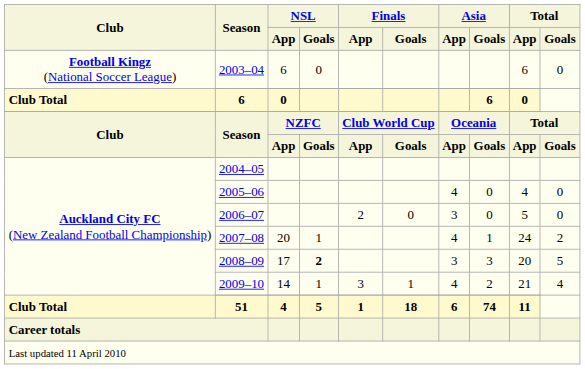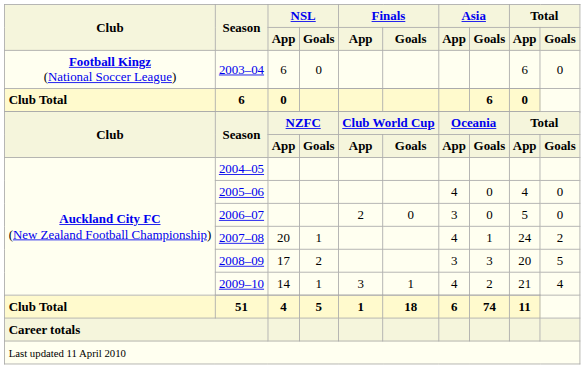 <table border=1 align=center cellpadding=4 cellspacing=2 style="background: ivory; font-size: 95%; border: 1px #aaaaaa solid; border-collapse: collapse; clear:center">
 <tr style="background:beige">
 <th rowspan="2">Club</th>
 <th rowspan="2">Season</th>
 <th colspan="2"><a href='#'>NSL</a></th>
 <th colspan="2"><a href='#'>Finals</a></th>
 <th colspan="2"><a href='#'>Asia</a></th>
 <th colspan="2">Total</th>
 </tr>
 <tr style="background:beige">
 <th>App</th>
 <th>Goals</th>
 <th>App</th>
 <th>Goals</th>
 <th>App</th>
 <th>Goals</th>
 <th>App</th>
 <th>Goals</th>
 </tr>
 <tr>
 <td rowspan="2" align=center valign=center><strong><a href='#'>Football Kingz</a></strong><br>(<a href='#'>National Soccer League</a>)</td>
 <td align="center"><a href='#'>2003–04</a></td>
 <td align="center">6</td>
 <td align="center">0</td>
 <td align="center"></td>
 <td align="center"></td>
 <td align="center"></td>
 <td align="center"></td>
 <td align="center">6</td>
 <td align="center">0</td>
 </tr>
 <tr>
 </tr>
 <tr style="background:lemonchiffon">
 <th colspan="1" align="left">Club Total</th>
 <th>6</th>
 <th>0</th>
 <th></th>
 <th></th>
 <th></th>
 <th></th>
 <th>6</th>
 <th>0</th>
 </tr>
 <tr>
 </tr>
 <tr style="background:beige">
 <th rowspan="2">Club</th>
 <th rowspan="2">Season</th>
 <th colspan="2"><a href='#'>NZFC</a></th>
 <th colspan="2"><a href='#'>Club World Cup</a></th>
 <th colspan="2"><a href='#'>Oceania</a></th>
 <th colspan="2">Total</th>
 </tr>
 <tr style="background:beige">
 <th>App</th>
 <th>Goals</th>
 <th>App</th>
 <th>Goals</th>
 <th>App</th>
 <th>Goals</th>
 <th>App</th>
 <th>Goals</th>
 </tr>
 <tr>
 <td rowspan="7" align=center valign=center><strong><a href='#'>Auckland City FC</a></strong><br>(<a href='#'>New Zealand Football Championship</a>)</td>
 <td align="center"><a href='#'>2004–05</a></td>
 <td align="center"></td>
 <td align="center"></td>
 <td align="center"></td>
 <td align="center"></td>
 <td align="center"></td>
 <td align="center"></td>
 <td align="center"></td>
 <td align="center"></td>
 </tr>
 <tr>
 <td align="center"><a href='#'>2005–06</a></td>
 <td align="center"></td>
 <td align="center"></td>
 <td align="center"></td>
 <td align="center"></td>
 <td align="center">4</td>
 <td align="center">0</td>
 <td align="center">4</td>
 <td align="center">0</td>
 </tr>
 <tr>
 <td align="center"><a href='#'>2006–07</a></td>
 <td align="center"></td>
 <td align="center"></td>
 <td align="center">2</td>
 <td align="center">0</td>
 <td align="center">3</td>
 <td align="center">0</td>
 <td align="center">5</td>
 <td align="center">0</td>
 </tr>
 <tr>
 <td align="center"><a href='#'>2007–08</a></td>
 <td align="center">20</td>
 <td align="center">1</td>
 <td align="center"></td>
 <td align="center"></td>
 <td align="center">4</td>
 <td align="center">1</td>
 <td align="center">24</td>
 <td align="center">2</td>
 </tr>
 <tr>
 <td align="center"><a href='#'>2008–09</a></td>
 <td align="center">17</td>
-<td align="center"><strong>2</strong></td>
+<td align="center">2</td>
 <td align="center"></td>
 <td align="center"></td>
 <td align="center">3</td>
 <td align="center">3</td>
 <td align="center">20</td>
 <td align="center">5</td>
 </tr>
 <tr>
 <td align="center"><a href='#'>2009–10</a></td>
 <td align="center">14</td>
 <td align="center">1</td>
 <td align="center">3</td>
 <td align="center">1</td>
 <td align="center">4</td>
 <td align="center">2</td>
 <td align="center">21</td>
 <td align="center">4</td>
 </tr>
 <tr>
 </tr>
 <tr style="background:lemonchiffon">
 <th colspan="1" align="left">Club Total</th>
 <th>51</th>
 <th>4</th>
 <th>5</th>
 <th>1</th>
 <th>18</th>
 <th>6</th>
 <th>74</th>
 <th>11</th>
 </tr>
 <tr>
 <th style="background:beige" colspan="2" align="left">Career totals</th>
 <th align=center style="background:beige"></th>
 <th align=center style="background:beige"></th>
 <th align=center style="background:beige"></th>
 <th align=center style="background:beige"></th>
 <th align=center style="background:beige"></th>
 <th align=center style="background:beige"></th>
 <th align=center style="background:beige"></th>
 <th align=center style="background:beige"></th>
 </tr>
 <tr>
 <td colspan="12"><small>Last updated 11 April 2010</small></td>
 </tr>
 </table>
